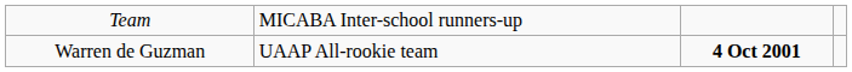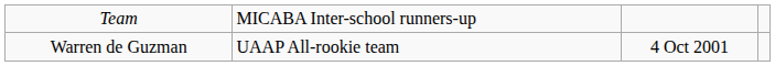 <table class=wikitable width=55%>
 <tr align=center>
 <td><em>Team</em></td>
 <td align=left>MICABA Inter-school runners-up</td>
 <td></td>
 <td></td>
 </tr>
 <tr align=center>
 <td>Warren de Guzman</td>
 <td align=left>UAAP All-rookie team</td>
-<td><strong>4 Oct 2001</strong></td>
+<td>4 Oct 2001</td>
 <td></td>
 </tr>
 </table>
